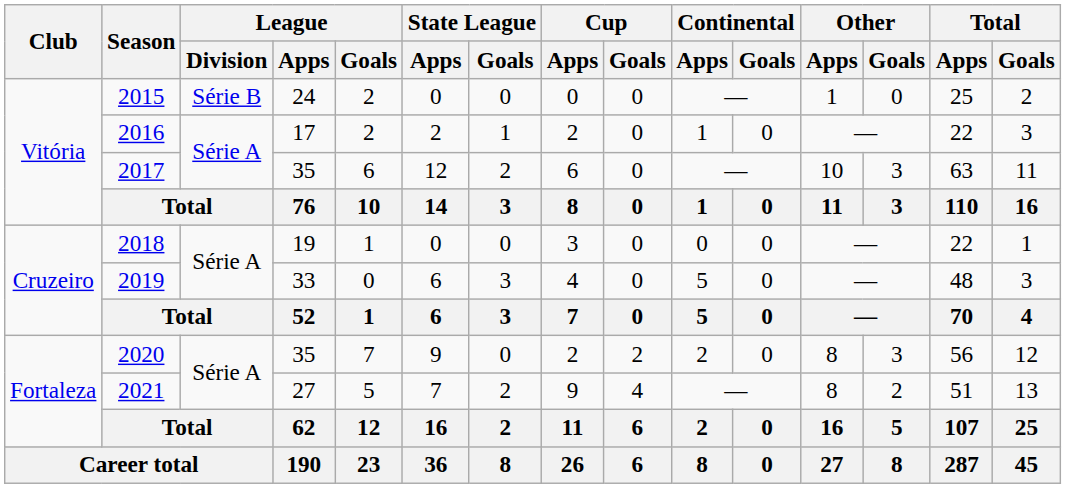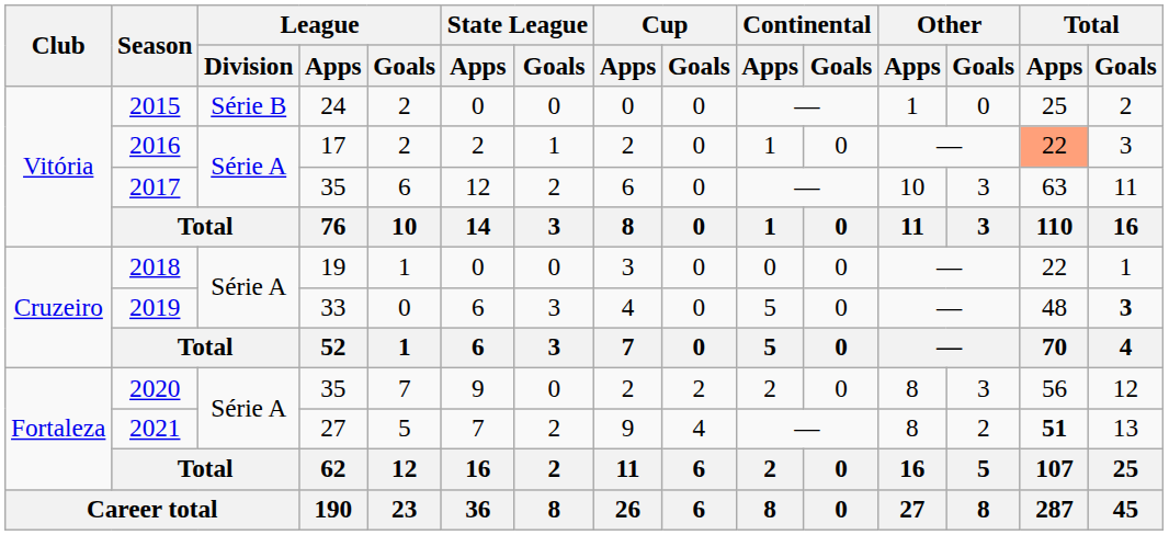 <table class="wikitable" style="text-align: center;">
 <tr>
 <th rowspan="2">Club</th>
 <th rowspan="2">Season</th>
 <th colspan="3">League</th>
 <th colspan="2">State League</th>
 <th colspan="2">Cup</th>
 <th colspan="2">Continental</th>
 <th colspan="2">Other</th>
 <th colspan="2">Total</th>
 </tr>
 <tr>
 <th>Division</th>
 <th>Apps</th>
 <th>Goals</th>
 <th>Apps</th>
 <th>Goals</th>
 <th>Apps</th>
 <th>Goals</th>
 <th>Apps</th>
 <th>Goals</th>
 <th>Apps</th>
 <th>Goals</th>
 <th>Apps</th>
 <th>Goals</th>
 </tr>
 <tr>
 <td rowspan=4 valign="center"><a href='#'>Vitória</a></td>
 <td><a href='#'>2015</a></td>
 <td><a href='#'>Série B</a></td>
 <td>24</td>
 <td>2</td>
 <td>0</td>
 <td>0</td>
 <td>0</td>
 <td>0</td>
 <td colspan="2">—</td>
 <td>1</td>
 <td>0</td>
 <td>25</td>
 <td>2</td>
 </tr>
 <tr>
 <td><a href='#'>2016</a></td>
 <td rowspan=2><a href='#'>Série A</a></td>
 <td>17</td>
 <td>2</td>
 <td>2</td>
 <td>1</td>
 <td>2</td>
 <td>0</td>
 <td>1</td>
 <td>0</td>
 <td colspan="2">—</td>
-<td>22</td>
+<td style="background: lightsalmon;">22</td>
 <td>3</td>
 </tr>
 <tr>
 <td><a href='#'>2017</a></td>
 <td>35</td>
 <td>6</td>
 <td>12</td>
 <td>2</td>
 <td>6</td>
 <td>0</td>
 <td colspan="2">—</td>
 <td>10</td>
 <td>3</td>
 <td>63</td>
 <td>11</td>
 </tr>
 <tr>
 <th colspan="2">Total</th>
 <th>76</th>
 <th>10</th>
 <th>14</th>
 <th>3</th>
 <th>8</th>
 <th>0</th>
 <th>1</th>
 <th>0</th>
 <th>11</th>
 <th>3</th>
 <th>110</th>
 <th>16</th>
 </tr>
 <tr>
 <td rowspan=3 valign="center"><a href='#'>Cruzeiro</a></td>
 <td><a href='#'>2018</a></td>
 <td rowspan=2>Série A</td>
 <td>19</td>
 <td>1</td>
 <td>0</td>
 <td>0</td>
 <td>3</td>
 <td>0</td>
 <td>0</td>
 <td>0</td>
 <td colspan="2">—</td>
 <td>22</td>
 <td>1</td>
 </tr>
 <tr>
 <td><a href='#'>2019</a></td>
 <td>33</td>
 <td>0</td>
 <td>6</td>
 <td>3</td>
 <td>4</td>
 <td>0</td>
 <td>5</td>
 <td>0</td>
 <td colspan="2">—</td>
 <td>48</td>
-<td>3</td>
+<td><strong>3</strong></td>
 </tr>
 <tr>
 <th colspan="2">Total</th>
 <th>52</th>
 <th>1</th>
 <th>6</th>
 <th>3</th>
 <th>7</th>
 <th>0</th>
 <th>5</th>
 <th>0</th>
 <th colspan="2">—</th>
 <th>70</th>
 <th>4</th>
 </tr>
 <tr>
 <td rowspan=3 valign="center"><a href='#'>Fortaleza</a></td>
 <td><a href='#'>2020</a></td>
 <td rowspan=2>Série A</td>
 <td>35</td>
 <td>7</td>
 <td>9</td>
 <td>0</td>
 <td>2</td>
 <td>2</td>
 <td>2</td>
 <td>0</td>
 <td>8</td>
 <td>3</td>
 <td>56</td>
 <td>12</td>
 </tr>
 <tr>
 <td><a href='#'>2021</a></td>
 <td>27</td>
 <td>5</td>
 <td>7</td>
 <td>2</td>
 <td>9</td>
 <td>4</td>
 <td colspan="2">—</td>
 <td>8</td>
 <td>2</td>
-<td>51</td>
+<td><strong>51</strong></td>
 <td>13</td>
 </tr>
 <tr>
 <th colspan="2">Total</th>
 <th>62</th>
 <th>12</th>
 <th>16</th>
 <th>2</th>
 <th>11</th>
 <th>6</th>
 <th>2</th>
 <th>0</th>
 <th>16</th>
 <th>5</th>
 <th>107</th>
 <th>25</th>
 </tr>
 <tr>
 <th colspan="3"><strong>Career total</strong></th>
 <th>190</th>
 <th>23</th>
 <th>36</th>
 <th>8</th>
 <th>26</th>
 <th>6</th>
 <th>8</th>
 <th>0</th>
 <th>27</th>
 <th>8</th>
 <th>287</th>
 <th>45</th>
 </tr>
 </table>
